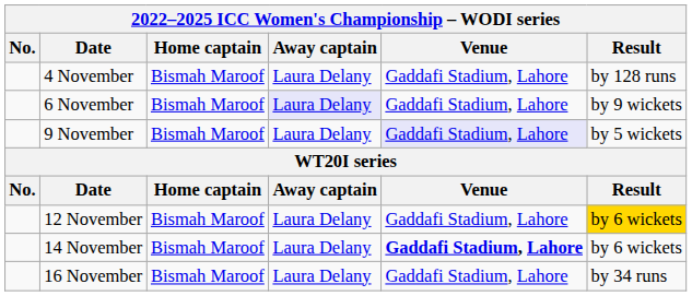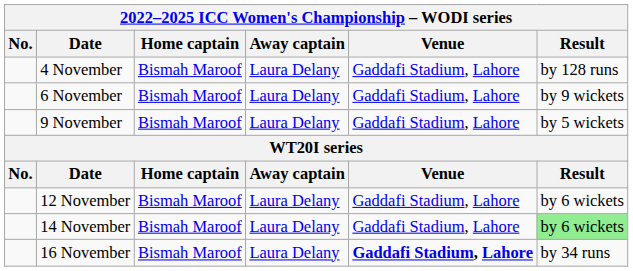 <table class="wikitable">
 <tr>
 <th colspan="9"><a href='#'>2022–2025 ICC Women's Championship</a> – WODI series</th>
 </tr>
 <tr>
 <th>No.</th>
 <th>Date</th>
 <th>Home captain</th>
 <th>Away captain</th>
 <th>Venue</th>
 <th>Result</th>
 </tr>
 <tr>
 <td></td>
 <td>4 November</td>
 <td><a href='#'>Bismah Maroof</a></td>
 <td><a href='#'>Laura Delany</a></td>
 <td><a href='#'>Gaddafi Stadium</a>, <a href='#'>Lahore</a></td>
 <td> by 128 runs</td>
 </tr>
 <tr>
 <td></td>
 <td>6 November</td>
 <td><a href='#'>Bismah Maroof</a></td>
-<td style="background: lavender;"><a href='#'>Laura Delany</a></td>
+<td><a href='#'>Laura Delany</a></td>
 <td><a href='#'>Gaddafi Stadium</a>, <a href='#'>Lahore</a></td>
 <td> by 9 wickets</td>
 </tr>
 <tr>
 <td></td>
 <td>9 November</td>
 <td><a href='#'>Bismah Maroof</a></td>
 <td><a href='#'>Laura Delany</a></td>
-<td style="background: lavender;"><a href='#'>Gaddafi Stadium</a>, <a href='#'>Lahore</a></td>
+<td><a href='#'>Gaddafi Stadium</a>, <a href='#'>Lahore</a></td>
 <td> by 5 wickets</td>
 </tr>
 <tr>
 <th colspan="9">WT20I series</th>
 </tr>
 <tr>
 <th>No.</th>
 <th>Date</th>
 <th>Home captain</th>
 <th>Away captain</th>
 <th>Venue</th>
 <th>Result</th>
 </tr>
 <tr>
 <td></td>
 <td>12 November</td>
 <td><a href='#'>Bismah Maroof</a></td>
 <td><a href='#'>Laura Delany</a></td>
 <td><a href='#'>Gaddafi Stadium</a>, <a href='#'>Lahore</a></td>
-<td style="background: gold;"> by 6 wickets</td>
+<td> by 6 wickets</td>
 </tr>
 <tr>
 <td></td>
 <td>14 November</td>
 <td><a href='#'>Bismah Maroof</a></td>
 <td><a href='#'>Laura Delany</a></td>
-<td><strong><a href='#'>Gaddafi Stadium</a>, <a href='#'>Lahore</a></strong></td>
-<td> by 6 wickets</td>
+<td><a href='#'>Gaddafi Stadium</a>, <a href='#'>Lahore</a></td>
+<td style="background: lightgreen;"> by 6 wickets</td>
 </tr>
 <tr>
 <td></td>
 <td>16 November</td>
 <td><a href='#'>Bismah Maroof</a></td>
 <td><a href='#'>Laura Delany</a></td>
-<td><a href='#'>Gaddafi Stadium</a>, <a href='#'>Lahore</a></td>
+<td><strong><a href='#'>Gaddafi Stadium</a>, <a href='#'>Lahore</a></strong></td>
 <td> by 34 runs</td>
 </tr>
 </table>
